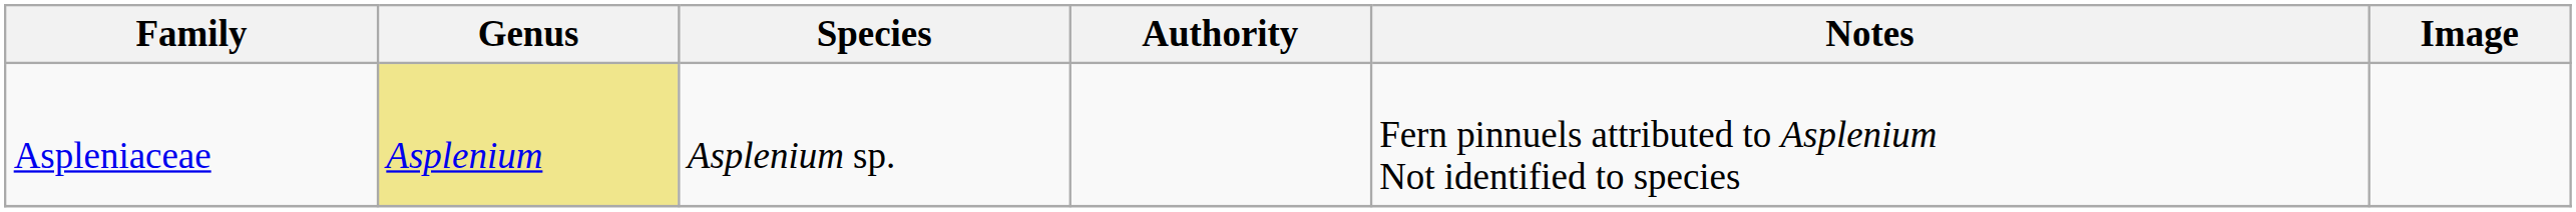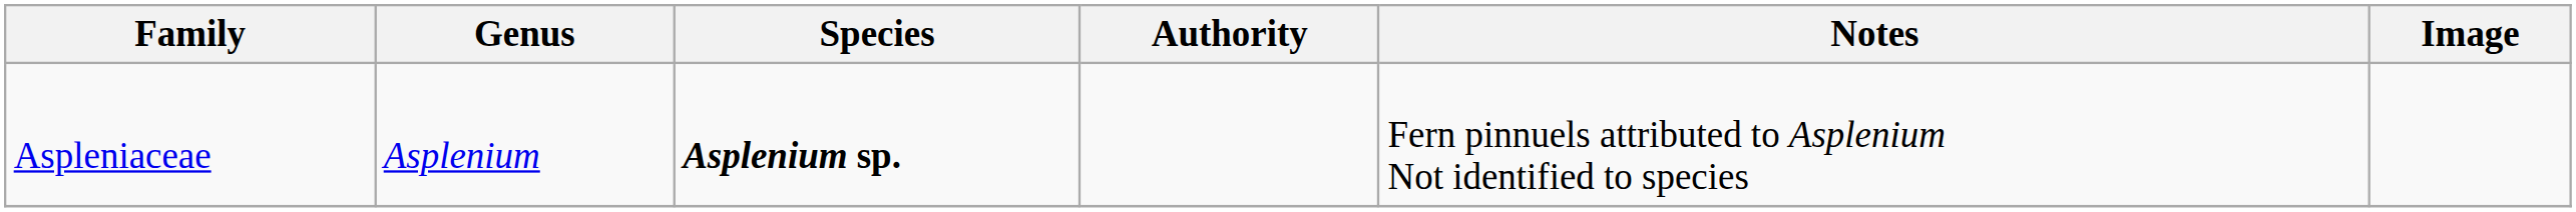 <table class="wikitable" align="center" width="70%">
 <tr>
 <th>Family</th>
 <th>Genus</th>
 <th>Species</th>
 <th>Authority</th>
 <th>Notes</th>
 <th>Image</th>
 </tr>
 <tr>
 <td><br><a href='#'>Aspleniaceae</a></td>
-<td style="background: khaki;"><br><em><a href='#'>Asplenium</a></em></td>
-<td><br><em>Asplenium</em> sp.</td>
+<td><br><em><a href='#'>Asplenium</a></em></td>
+<td><strong><br><em>Asplenium</em> sp.</strong></td>
 <td></td>
 <td><br>Fern pinnuels attributed to <em>Asplenium</em><br> Not identified to species</td>
 <td></td>
 </tr>
 <tr>
 </tr>
 </table>
